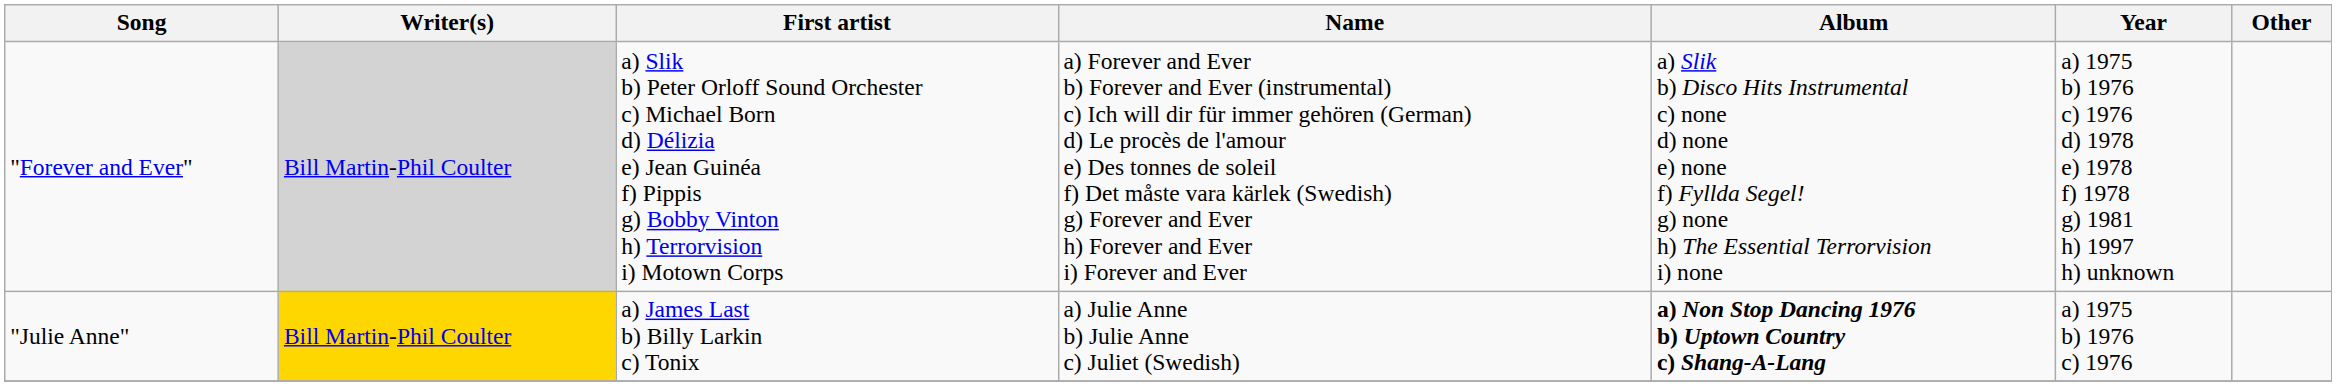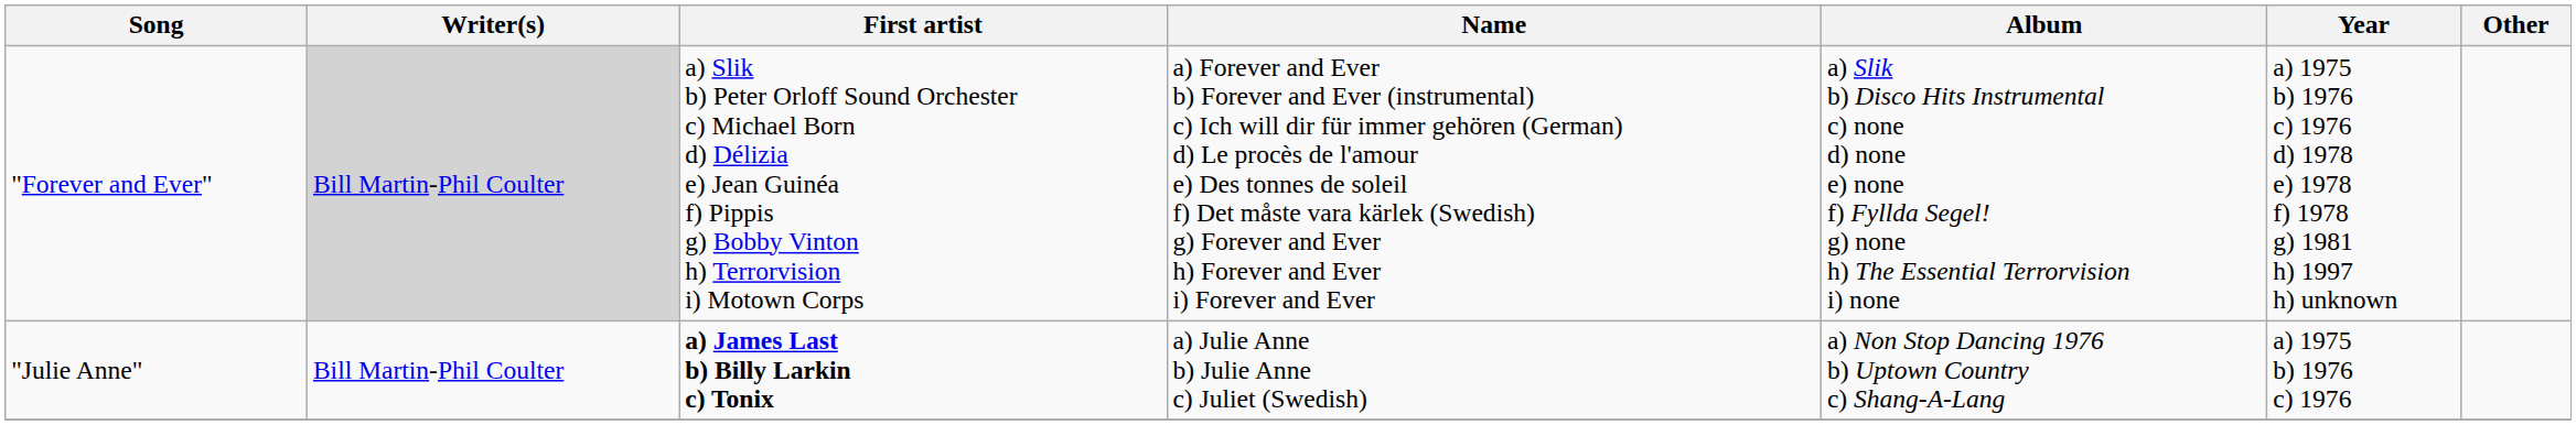 <table class="wikitable sortable" style="margin:0.5em auto; clear: both; text-align: left; width:100%">
 <tr>
 <th>Song</th>
 <th>Writer(s)</th>
 <th>First artist</th>
 <th>Name</th>
 <th>Album</th>
 <th>Year</th>
 <th>Other</th>
 </tr>
 <tr>
 <td>"<a href='#'>Forever and Ever</a>"</td>
 <td style="background: lightgrey;"><a href='#'>Bill Martin</a>-<a href='#'>Phil Coulter</a></td>
 <td>a) <a href='#'>Slik</a><br>b) Peter Orloff Sound Orchester<br>c) Michael Born<br>d) <a href='#'>Délizia</a><br>e) Jean Guinéa<br>f) Pippis<br>g) <a href='#'>Bobby Vinton</a><br>h) <a href='#'>Terrorvision</a><br>i) Motown Corps</td>
 <td>a) Forever and Ever<br>b) Forever and Ever (instrumental)<br>c) Ich will dir für immer gehören (German)<br> d) Le procès de l'amour<br>e) Des tonnes de soleil<br>f) Det måste vara kärlek (Swedish)<br>g) Forever and Ever<br>h) Forever and Ever<br>i) Forever and Ever</td>
 <td>a) <em><a href='#'>Slik</a></em><br>b) <em>Disco Hits Instrumental</em><br>c) none<br>d) none<br> e) none<br> f) <em>Fyllda Segel!</em><br>g) none<br>h) <em>The Essential Terrorvision</em><br>i) none</td>
 <td>a) 1975<br>b) 1976<br>c) 1976<br>d) 1978<br>e) 1978<br>f) 1978<br>g) 1981<br>h) 1997<br>h) unknown</td>
 <td></td>
 </tr>
 <tr>
 <td>"Julie Anne"</td>
-<td style="background: gold;"><a href='#'>Bill Martin</a>-<a href='#'>Phil Coulter</a></td>
-<td>a) <a href='#'>James Last</a><br> b) Billy Larkin<br> c) Tonix</td>
+<td><a href='#'>Bill Martin</a>-<a href='#'>Phil Coulter</a></td>
+<td><strong>a) <a href='#'>James Last</a><br> b) Billy Larkin<br> c) Tonix</strong></td>
 <td>a) Julie Anne<br> b) Julie Anne<br> c) Juliet (Swedish)</td>
-<td><strong>a) <em>Non Stop Dancing 1976</em><br> b) <em>Uptown Country</em><br>c) <em>Shang-A-Lang</em></strong></td>
+<td>a) <em>Non Stop Dancing 1976</em><br> b) <em>Uptown Country</em><br>c) <em>Shang-A-Lang</em></td>
 <td>a) 1975<br>b) 1976<br>c) 1976</td>
 <td></td>
 </tr>
 <tr>
 </tr>
 </table>
